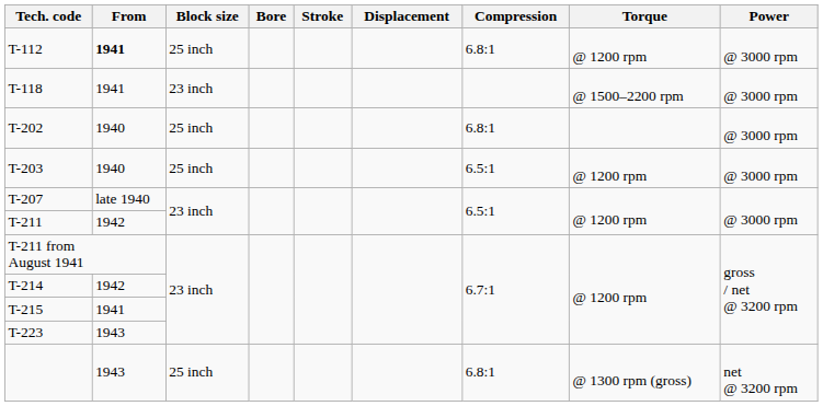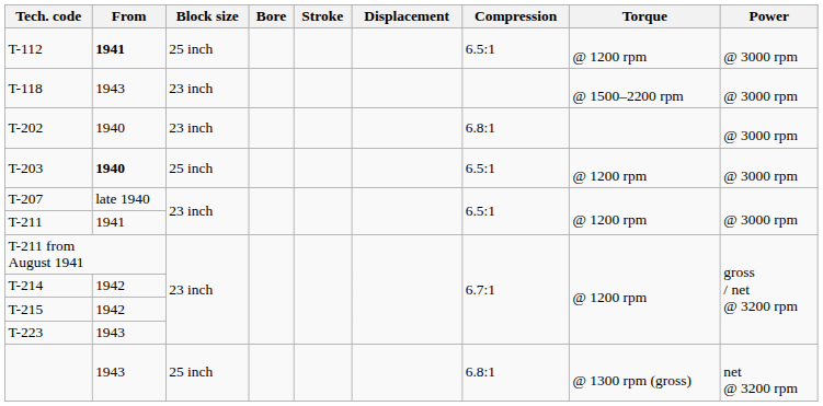 <table class="wikitable" style="align:right; width:100%; text-align:left;">
 <tr style="background:silver;">
 <th>Tech. code</th>
 <th>From </th>
 <th>Block size</th>
 <th>Bore</th>
 <th>Stroke</th>
 <th>Displacement </th>
 <th>Compression</th>
 <th>Torque</th>
 <th>Power</th>
 </tr>
 <tr>
 <td><span>T-112</span></td>
 <td><strong><span>1941</span></strong></td>
 <td>25 inch</td>
 <td></td>
 <td></td>
 <td></td>
-<td>6.8:1 </td>
+<td>6.5:1</td>
 <td><br>@ 1200 rpm </td>
 <td><br>@ 3000 rpm </td>
 </tr>
 <tr>
 <td><span>T-118</span></td>
-<td><span>1941</span></td>
+<td><span>1943</span></td>
 <td>23 inch</td>
 <td></td>
 <td></td>
 <td></td>
 <td></td>
 <td><br>@ 1500–2200 rpm</td>
 <td><br>@ 3000 rpm </td>
 </tr>
 <tr>
 <td><span>T-202</span></td>
 <td><span>1940</span></td>
-<td>25 inch</td>
+<td>23 inch</td>
 <td></td>
 <td></td>
 <td></td>
 <td>6.8:1</td>
 <td> </td>
 <td> <br>@ 3000 rpm </td>
 </tr>
 <tr>
 <td><span>T-203</span></td>
-<td><span>1940</span></td>
+<td><strong><span>1940</span></strong></td>
 <td>25 inch</td>
 <td></td>
 <td></td>
 <td></td>
 <td>6.5:1</td>
 <td><br>@ 1200 rpm</td>
 <td><br>@ 3000 rpm </td>
 </tr>
 <tr>
 <td><span>T-207</span></td>
 <td><span>late 1940</span></td>
 <td rowspan=2>23 inch</td>
 <td rowspan=2></td>
 <td rowspan=2></td>
 <td rowspan=2></td>
 <td rowspan=2>6.5:1</td>
 <td rowspan=2><br>@ 1200 rpm </td>
 <td rowspan=2> <br>@ 3000 rpm </td>
 </tr>
 <tr>
 <td><span>T-211</span></td>
-<td><span>1942</span></td>
+<td><span>1941</span></td>
 </tr>
 <tr>
 <td colspan=2><span>T-211 from<br>August 1941 </span></td>
 <td rowspan=4>23 inch</td>
 <td rowspan=4></td>
 <td rowspan=4></td>
 <td rowspan=4></td>
 <td rowspan=4>6.7:1</td>
 <td rowspan=4><br>@ 1200 rpm </td>
 <td rowspan=4>  gross<br>/  net<br>@ 3200 rpm </td>
 </tr>
 <tr>
 <td><span>T-214</span></td>
 <td><span>1942</span></td>
 </tr>
 <tr>
 <td><span>T-215</span></td>
-<td><span>1941</span></td>
+<td><span>1942</span></td>
 </tr>
 <tr>
 <td><span>T-223</span></td>
 <td><span>1943</span></td>
 </tr>
 <tr>
 <td><span></span></td>
 <td><span>1943</span></td>
 <td>25 inch</td>
 <td></td>
 <td></td>
 <td></td>
 <td>6.8:1</td>
 <td><br>@ 1300 rpm (gross)</td>
 <td> <br> net<br>@ 3200 rpm</td>
 </tr>
 </table>
